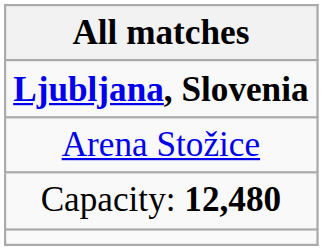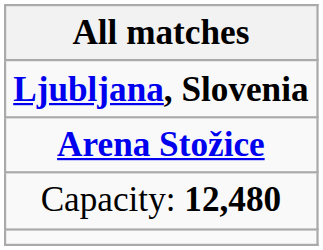 <table class="wikitable" style="text-align:center">
 <tr>
 <th>All matches</th>
 </tr>
 <tr>
 <td><strong><a href='#'>Ljubljana</a>, Slovenia</strong></td>
 </tr>
 <tr>
-<td><a href='#'>Arena Stožice</a></td>
+<td><strong><a href='#'>Arena Stožice</a></strong></td>
 </tr>
 <tr>
 <td>Capacity: <strong>12,480</strong></td>
 </tr>
 <tr>
 <td></td>
 </tr>
 </table>
